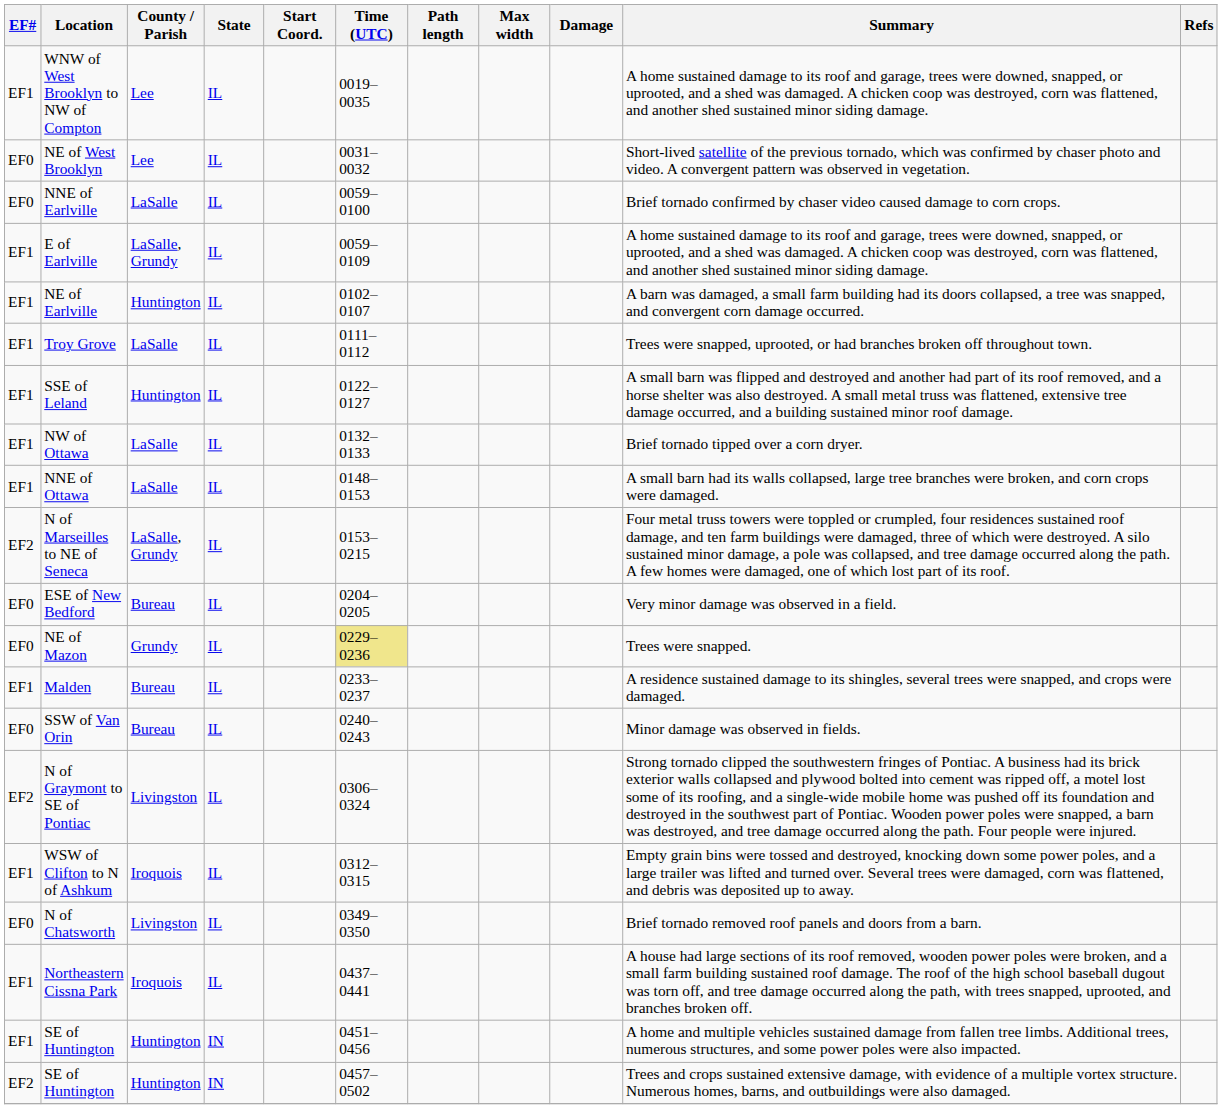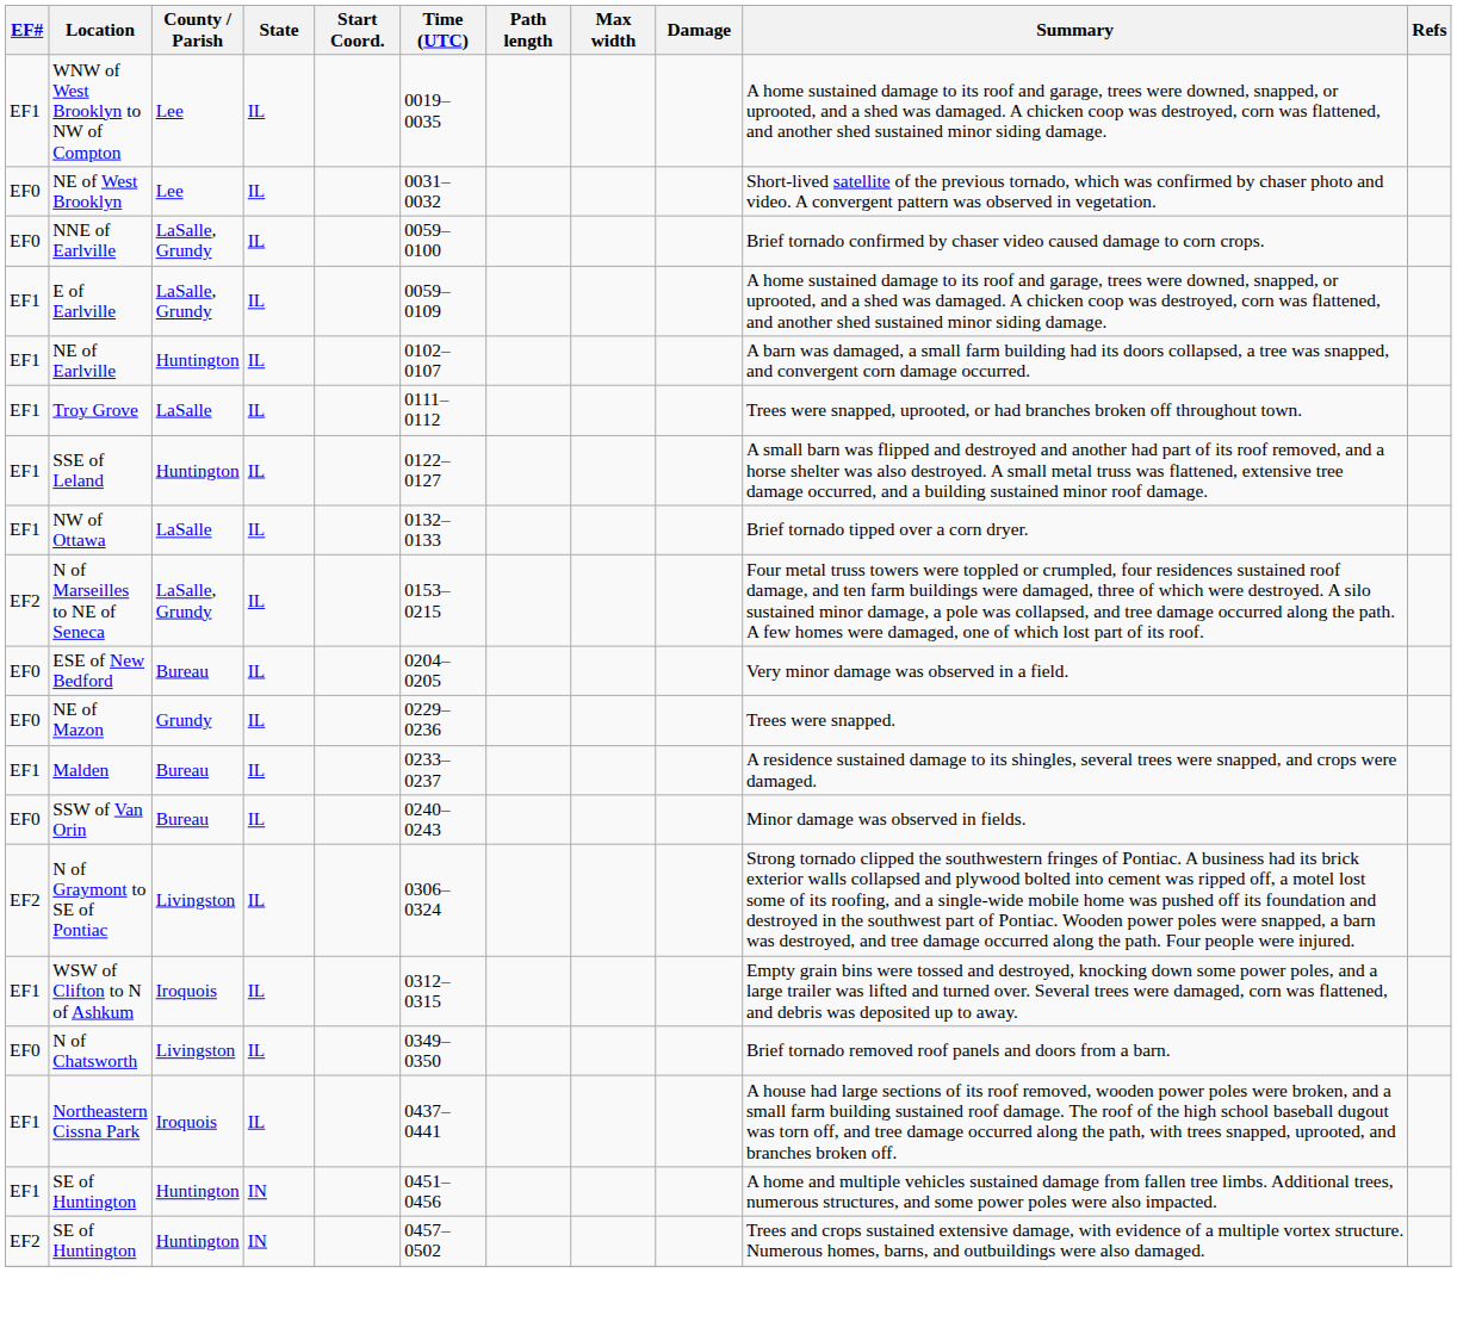 <table class="wikitable sortable" style="width:100%;">
 <tr>
 <th scope="col" width="3%" align="center"><a href='#'>EF#</a></th>
 <th scope="col" width="7%" align="center" class="unsortable">Location</th>
 <th scope="col" width="6%" align="center" class="unsortable">County / Parish</th>
 <th scope="col" width="5%" align="center">State</th>
 <th scope="col" width="6%" align="center">Start Coord.</th>
 <th scope="col" width="6%" align="center">Time (<a href='#'>UTC</a>)</th>
 <th scope="col" width="6%" align="center">Path length</th>
 <th scope="col" width="6%" align="center">Max width</th>
 <th scope="col" width="6%" align="center">Damage</th>
 <th scope="col" width="48%" class="unsortable" align="center">Summary</th>
 <th scope="col" width="48%" class="unsortable" align="center">Refs</th>
 </tr>
 <tr>
 <td>EF1</td>
 <td>WNW of <a href='#'>West Brooklyn</a> to NW of <a href='#'>Compton</a></td>
 <td><a href='#'>Lee</a></td>
 <td><a href='#'>IL</a></td>
 <td></td>
 <td>0019–0035</td>
 <td></td>
 <td></td>
 <td></td>
 <td>A home sustained damage to its roof and garage, trees were downed, snapped, or uprooted, and a shed was damaged. A chicken coop was destroyed, corn was flattened, and another shed sustained minor siding damage.</td>
 <td></td>
 </tr>
 <tr>
 <td>EF0</td>
 <td>NE of <a href='#'>West Brooklyn</a></td>
 <td><a href='#'>Lee</a></td>
 <td><a href='#'>IL</a></td>
 <td></td>
 <td>0031–0032</td>
 <td></td>
 <td></td>
 <td></td>
 <td>Short-lived <a href='#'>satellite</a> of the previous tornado, which was confirmed by chaser photo and video. A convergent pattern was observed in vegetation.</td>
 <td></td>
 </tr>
 <tr>
 <td>EF0</td>
 <td>NNE of <a href='#'>Earlville</a></td>
-<td><a href='#'>LaSalle</a></td>
+<td><a href='#'>LaSalle</a>, <a href='#'>Grundy</a></td>
 <td><a href='#'>IL</a></td>
 <td></td>
 <td>0059–0100</td>
 <td></td>
 <td></td>
 <td></td>
 <td>Brief tornado confirmed by chaser video caused damage to corn crops.</td>
 <td></td>
 </tr>
 <tr>
 <td>EF1</td>
 <td>E of <a href='#'>Earlville</a></td>
 <td><a href='#'>LaSalle</a>, <a href='#'>Grundy</a></td>
 <td><a href='#'>IL</a></td>
 <td></td>
 <td>0059–0109</td>
 <td></td>
 <td></td>
 <td></td>
 <td>A home sustained damage to its roof and garage, trees were downed, snapped, or uprooted, and a shed was damaged. A chicken coop was destroyed, corn was flattened, and another shed sustained minor siding damage.</td>
 <td></td>
 </tr>
 <tr>
 <td>EF1</td>
 <td>NE of <a href='#'>Earlville</a></td>
 <td><a href='#'>Huntington</a></td>
 <td><a href='#'>IL</a></td>
 <td></td>
 <td>0102–0107</td>
 <td></td>
 <td></td>
 <td></td>
 <td>A barn was damaged, a small farm building had its doors collapsed, a tree was snapped, and convergent corn damage occurred.</td>
 <td></td>
 </tr>
 <tr>
 <td>EF1</td>
 <td><a href='#'>Troy Grove</a></td>
 <td><a href='#'>LaSalle</a></td>
 <td><a href='#'>IL</a></td>
 <td></td>
 <td>0111–0112</td>
 <td></td>
 <td></td>
 <td></td>
 <td>Trees were snapped, uprooted, or had branches broken off throughout town.</td>
 <td></td>
 </tr>
 <tr>
 <td>EF1</td>
 <td>SSE of <a href='#'>Leland</a></td>
 <td><a href='#'>Huntington</a></td>
 <td><a href='#'>IL</a></td>
 <td></td>
 <td>0122–0127</td>
 <td></td>
 <td></td>
 <td></td>
 <td>A small barn was flipped and destroyed and another had part of its roof removed, and a horse shelter was also destroyed. A small metal truss was flattened, extensive tree damage occurred, and a building sustained minor roof damage.</td>
 <td></td>
 </tr>
 <tr>
 <td>EF1</td>
 <td>NW of <a href='#'>Ottawa</a></td>
 <td><a href='#'>LaSalle</a></td>
 <td><a href='#'>IL</a></td>
 <td></td>
 <td>0132–0133</td>
 <td></td>
 <td></td>
 <td></td>
 <td>Brief tornado tipped over a corn dryer.</td>
 <td></td>
 </tr>
 <tr>
-<td>EF1</td>
-<td>NNE of <a href='#'>Ottawa</a></td>
-<td><a href='#'>LaSalle</a></td>
-<td><a href='#'>IL</a></td>
-<td></td>
-<td>0148–0153</td>
-<td></td>
-<td></td>
-<td></td>
-<td>A small barn had its walls collapsed, large tree branches were broken, and corn crops were damaged.</td>
-<td></td>
-</tr>
-<tr>
 <td>EF2</td>
 <td>N of <a href='#'>Marseilles</a> to NE of <a href='#'>Seneca</a></td>
 <td><a href='#'>LaSalle</a>, <a href='#'>Grundy</a></td>
 <td><a href='#'>IL</a></td>
 <td></td>
 <td>0153–0215</td>
 <td></td>
 <td></td>
 <td></td>
 <td>Four metal truss towers were toppled or crumpled, four residences sustained roof damage, and ten farm buildings were damaged, three of which were destroyed. A silo sustained minor damage, a pole was collapsed, and tree damage occurred along the path. A few homes were damaged, one of which lost part of its roof.</td>
 <td></td>
 </tr>
 <tr>
 <td>EF0</td>
 <td>ESE of <a href='#'>New Bedford</a></td>
 <td><a href='#'>Bureau</a></td>
 <td><a href='#'>IL</a></td>
 <td></td>
 <td>0204–0205</td>
 <td></td>
 <td></td>
 <td></td>
 <td>Very minor damage was observed in a field.</td>
 <td></td>
 </tr>
 <tr>
 <td>EF0</td>
 <td>NE of <a href='#'>Mazon</a></td>
 <td><a href='#'>Grundy</a></td>
 <td><a href='#'>IL</a></td>
 <td></td>
-<td style="background: khaki;">0229–0236</td>
+<td>0229–0236</td>
 <td></td>
 <td></td>
 <td></td>
 <td>Trees were snapped.</td>
 <td></td>
 </tr>
 <tr>
 <td>EF1</td>
 <td><a href='#'>Malden</a></td>
 <td><a href='#'>Bureau</a></td>
 <td><a href='#'>IL</a></td>
 <td></td>
 <td>0233–0237</td>
 <td></td>
 <td></td>
 <td></td>
 <td>A residence sustained damage to its shingles, several trees were snapped, and crops were damaged.</td>
 <td></td>
 </tr>
 <tr>
 <td>EF0</td>
 <td>SSW of <a href='#'>Van Orin</a></td>
 <td><a href='#'>Bureau</a></td>
 <td><a href='#'>IL</a></td>
 <td></td>
 <td>0240–0243</td>
 <td></td>
 <td></td>
 <td></td>
 <td>Minor damage was observed in fields.</td>
 <td></td>
 </tr>
 <tr>
 <td>EF2</td>
 <td>N of <a href='#'>Graymont</a> to SE of <a href='#'>Pontiac</a></td>
 <td><a href='#'>Livingston</a></td>
 <td><a href='#'>IL</a></td>
 <td></td>
 <td>0306–0324</td>
 <td></td>
 <td></td>
 <td></td>
 <td>Strong tornado clipped the southwestern fringes of Pontiac. A business had its brick exterior walls collapsed and plywood bolted into cement was ripped off, a motel lost some of its roofing, and a single-wide mobile home was pushed off its foundation and destroyed in the southwest part of Pontiac. Wooden power poles were snapped, a barn was destroyed, and tree damage occurred along the path. Four people were injured.</td>
 <td></td>
 </tr>
 <tr>
 <td>EF1</td>
 <td>WSW of <a href='#'>Clifton</a> to N of <a href='#'>Ashkum</a></td>
 <td><a href='#'>Iroquois</a></td>
 <td><a href='#'>IL</a></td>
 <td></td>
 <td>0312–0315</td>
 <td></td>
 <td></td>
 <td></td>
 <td>Empty grain bins were tossed and destroyed, knocking down some power poles, and a large trailer was lifted and turned over. Several trees were damaged, corn was flattened, and debris was deposited up to  away.</td>
 <td></td>
 </tr>
 <tr>
 <td>EF0</td>
 <td>N of <a href='#'>Chatsworth</a></td>
 <td><a href='#'>Livingston</a></td>
 <td><a href='#'>IL</a></td>
 <td></td>
 <td>0349–0350</td>
 <td></td>
 <td></td>
 <td></td>
 <td>Brief tornado removed roof panels and doors from a barn.</td>
 <td></td>
 </tr>
 <tr>
 <td>EF1</td>
 <td><a href='#'>Northeastern Cissna Park</a></td>
 <td><a href='#'>Iroquois</a></td>
 <td><a href='#'>IL</a></td>
 <td></td>
 <td>0437–0441</td>
 <td></td>
 <td></td>
 <td></td>
 <td>A house had large sections of its roof removed, wooden power poles were broken, and a small farm building sustained roof damage. The roof of the high school baseball dugout was torn off, and tree damage occurred along the path, with trees snapped, uprooted, and branches broken off.</td>
 <td></td>
 </tr>
 <tr>
 <td>EF1</td>
 <td>SE of <a href='#'>Huntington</a></td>
 <td><a href='#'>Huntington</a></td>
 <td><a href='#'>IN</a></td>
 <td></td>
 <td>0451–0456</td>
 <td></td>
 <td></td>
 <td></td>
 <td>A home and multiple vehicles sustained damage from fallen tree limbs. Additional trees, numerous structures, and some power poles were also impacted.</td>
 <td></td>
 </tr>
 <tr>
 <td>EF2</td>
 <td>SE of <a href='#'>Huntington</a></td>
 <td><a href='#'>Huntington</a></td>
 <td><a href='#'>IN</a></td>
 <td></td>
 <td>0457–0502</td>
 <td></td>
 <td></td>
 <td></td>
 <td>Trees and crops sustained extensive damage, with evidence of a multiple vortex structure. Numerous homes, barns, and outbuildings were also damaged.</td>
 <td></td>
 </tr>
 <tr>
 </tr>
 </table>
